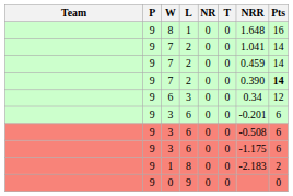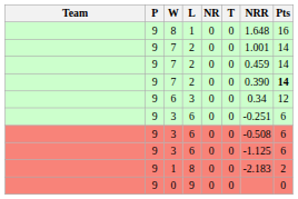 <table class="wikitable" style="text-align:center;">
 <tr>
 <th width=200>Team</th>
 <th width=20 abbr="Played">P</th>
 <th width=20 abbr="Won">W</th>
 <th width=20 abbr="Lost">L</th>
 <th width=20 abbr="No result">NR</th>
 <th width=20 abbr="Tied">T</th>
 <th width=40 abbr="Net run rate">NRR</th>
 <th width=20 abbr="Points">Pts</th>
 </tr>
 <tr bgcolor="#ccffcc">
 <td align=left></td>
 <td>9</td>
 <td>8</td>
 <td>1</td>
 <td>0</td>
 <td>0</td>
 <td>1.648</td>
 <td>16</td>
 </tr>
 <tr bgcolor="#ccffcc">
 <td align=left></td>
 <td>9</td>
 <td>7</td>
 <td>2</td>
 <td>0</td>
 <td>0</td>
-<td>1.041</td>
+<td>1.001</td>
 <td>14</td>
 </tr>
 <tr bgcolor="#ccffcc">
 <td align=left></td>
 <td>9</td>
 <td>7</td>
 <td>2</td>
 <td>0</td>
 <td>0</td>
 <td>0.459</td>
 <td>14</td>
 </tr>
 <tr bgcolor="#ccffcc">
 <td align=left></td>
 <td>9</td>
 <td>7</td>
 <td>2</td>
 <td>0</td>
 <td>0</td>
 <td>0.390</td>
 <td><strong>14</strong></td>
 </tr>
 <tr bgcolor="#ccffcc">
 <td align=left></td>
 <td>9</td>
 <td>6</td>
 <td>3</td>
 <td>0</td>
 <td>0</td>
 <td>0.34</td>
 <td>12</td>
 </tr>
 <tr bgcolor="#ccffcc">
 <td align=left></td>
 <td>9</td>
 <td>3</td>
 <td>6</td>
 <td>0</td>
 <td>0</td>
-<td>-0.201</td>
+<td>-0.251</td>
 <td>6</td>
 </tr>
 <tr bgcolor="#F88379">
 <td align=left></td>
 <td>9</td>
 <td>3</td>
 <td>6</td>
 <td>0</td>
 <td>0</td>
 <td>-0.508</td>
 <td>6</td>
 </tr>
 <tr bgcolor="#F88379">
 <td align=left></td>
 <td>9</td>
 <td>3</td>
 <td>6</td>
 <td>0</td>
 <td>0</td>
-<td>-1.175</td>
+<td>-1.125</td>
 <td>6</td>
 </tr>
 <tr bgcolor="#F88379">
 <td align=left></td>
 <td>9</td>
 <td>1</td>
 <td>8</td>
 <td>0</td>
 <td>0</td>
 <td>-2.183</td>
 <td>2</td>
 </tr>
 <tr bgcolor="#F88379">
 <td align=left></td>
 <td>9</td>
 <td>0</td>
 <td>9</td>
 <td>0</td>
 <td>0</td>
 <td></td>
 <td>0</td>
 </tr>
 </table>
